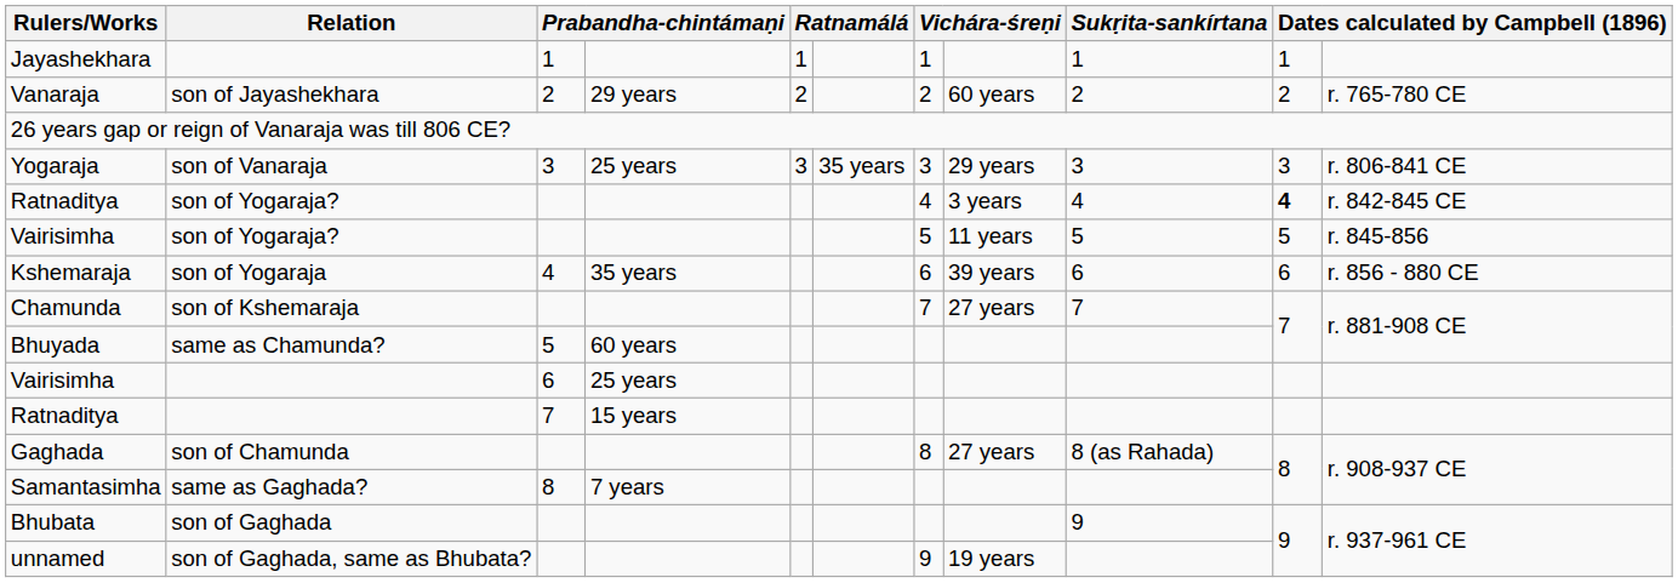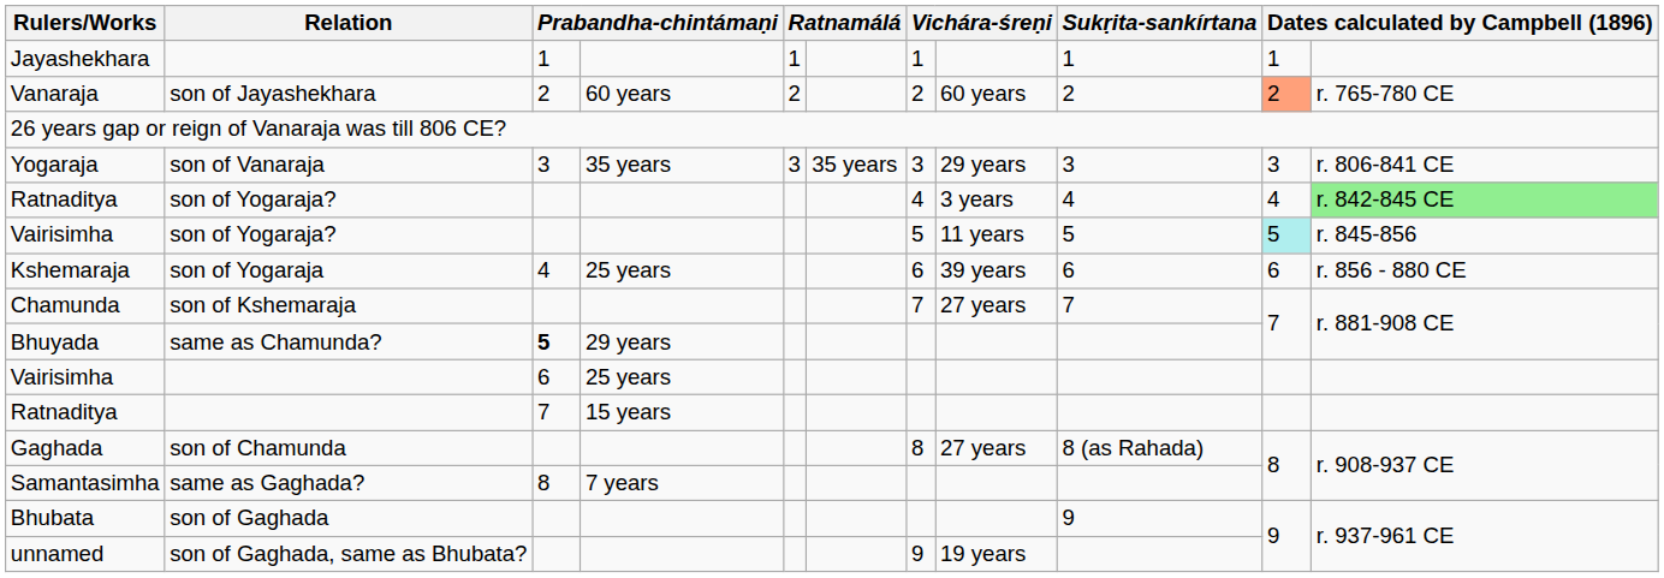 <table class="wikitable sortable">
 <tr>
 <th>Rulers/Works</th>
 <th>Relation</th>
 <th colspan="2"><em>Prabandha-chintámaṇi</em></th>
 <th colspan="2"><em>Ratnamálá</em></th>
 <th colspan="2"><em>Vichára-śreṇi</em></th>
 <th><em>Sukṛita-sankírtana</em></th>
 <th colspan="2">Dates calculated by Campbell (1896)</th>
 </tr>
 <tr>
 <td>Jayashekhara</td>
 <td></td>
 <td>1</td>
 <td></td>
 <td>1</td>
 <td></td>
 <td>1</td>
 <td></td>
 <td>1</td>
 <td>1</td>
 <td></td>
 </tr>
 <tr>
 <td>Vanaraja</td>
 <td>son of Jayashekhara</td>
 <td>2</td>
-<td>29 years</td>
+<td>60 years</td>
 <td>2</td>
 <td></td>
 <td>2</td>
 <td>60 years</td>
 <td>2</td>
-<td>2</td>
+<td style="background: lightsalmon;">2</td>
 <td>r. 765-780 CE</td>
 </tr>
 <tr>
 <td colspan="11">26 years gap or reign of Vanaraja was till 806 CE?</td>
 </tr>
 <tr>
 <td>Yogaraja</td>
 <td>son of Vanaraja</td>
 <td>3</td>
-<td>25 years</td>
+<td>35 years</td>
 <td>3</td>
 <td>35 years</td>
 <td>3</td>
 <td>29 years</td>
 <td>3</td>
 <td>3</td>
 <td>r. 806-841 CE</td>
 </tr>
 <tr>
 <td>Ratnaditya</td>
 <td>son of Yogaraja?</td>
 <td></td>
 <td></td>
 <td></td>
 <td></td>
 <td>4</td>
 <td>3 years</td>
 <td>4</td>
-<td><strong>4</strong></td>
-<td>r. 842-845 CE</td>
+<td>4</td>
+<td style="background: lightgreen;">r. 842-845 CE</td>
 </tr>
 <tr>
 <td>Vairisimha</td>
 <td>son of Yogaraja?</td>
 <td></td>
 <td></td>
 <td></td>
 <td></td>
 <td>5</td>
 <td>11 years</td>
 <td>5</td>
-<td>5</td>
+<td style="background: paleturquoise;">5</td>
 <td>r. 845-856</td>
 </tr>
 <tr>
 <td>Kshemaraja</td>
 <td>son of Yogaraja</td>
 <td>4</td>
-<td>35 years</td>
+<td>25 years</td>
 <td></td>
 <td></td>
 <td>6</td>
 <td>39 years</td>
 <td>6</td>
 <td>6</td>
 <td>r. 856 - 880 CE</td>
 </tr>
 <tr>
 <td>Chamunda</td>
 <td>son of Kshemaraja</td>
 <td></td>
 <td></td>
 <td></td>
 <td></td>
 <td>7</td>
 <td>27 years</td>
 <td>7</td>
 <td rowspan="2">7</td>
 <td rowspan="2">r. 881-908 CE</td>
 </tr>
 <tr>
 <td>Bhuyada</td>
 <td>same as Chamunda?</td>
-<td>5</td>
-<td>60 years</td>
+<td><strong>5</strong></td>
+<td>29 years</td>
 <td></td>
 <td></td>
 <td></td>
 <td></td>
 <td></td>
 </tr>
 <tr>
 <td>Vairisimha</td>
 <td></td>
 <td>6</td>
 <td>25 years</td>
 <td></td>
 <td></td>
 <td></td>
 <td></td>
 <td></td>
 <td></td>
 <td></td>
 </tr>
 <tr>
 <td>Ratnaditya</td>
 <td></td>
 <td>7</td>
 <td>15 years</td>
 <td></td>
 <td></td>
 <td></td>
 <td></td>
 <td></td>
 <td></td>
 <td></td>
 </tr>
 <tr>
 <td>Gaghada</td>
 <td>son of Chamunda</td>
 <td></td>
 <td></td>
 <td></td>
 <td></td>
 <td>8</td>
 <td>27 years</td>
 <td>8 (as Rahada)</td>
 <td rowspan="2">8</td>
 <td rowspan="2">r. 908-937 CE</td>
 </tr>
 <tr>
 <td>Samantasimha</td>
 <td>same as Gaghada?</td>
 <td>8</td>
 <td>7 years</td>
 <td></td>
 <td></td>
 <td></td>
 <td></td>
 <td></td>
 </tr>
 <tr>
 <td>Bhubata</td>
 <td>son of Gaghada</td>
 <td></td>
 <td></td>
 <td></td>
 <td></td>
 <td></td>
 <td></td>
 <td>9</td>
 <td rowspan="2">9</td>
 <td rowspan="2">r. 937-961 CE</td>
 </tr>
 <tr>
 <td>unnamed</td>
 <td>son of Gaghada, same as Bhubata?</td>
 <td></td>
 <td></td>
 <td></td>
 <td></td>
 <td>9</td>
 <td>19 years</td>
 <td></td>
 </tr>
 </table>
